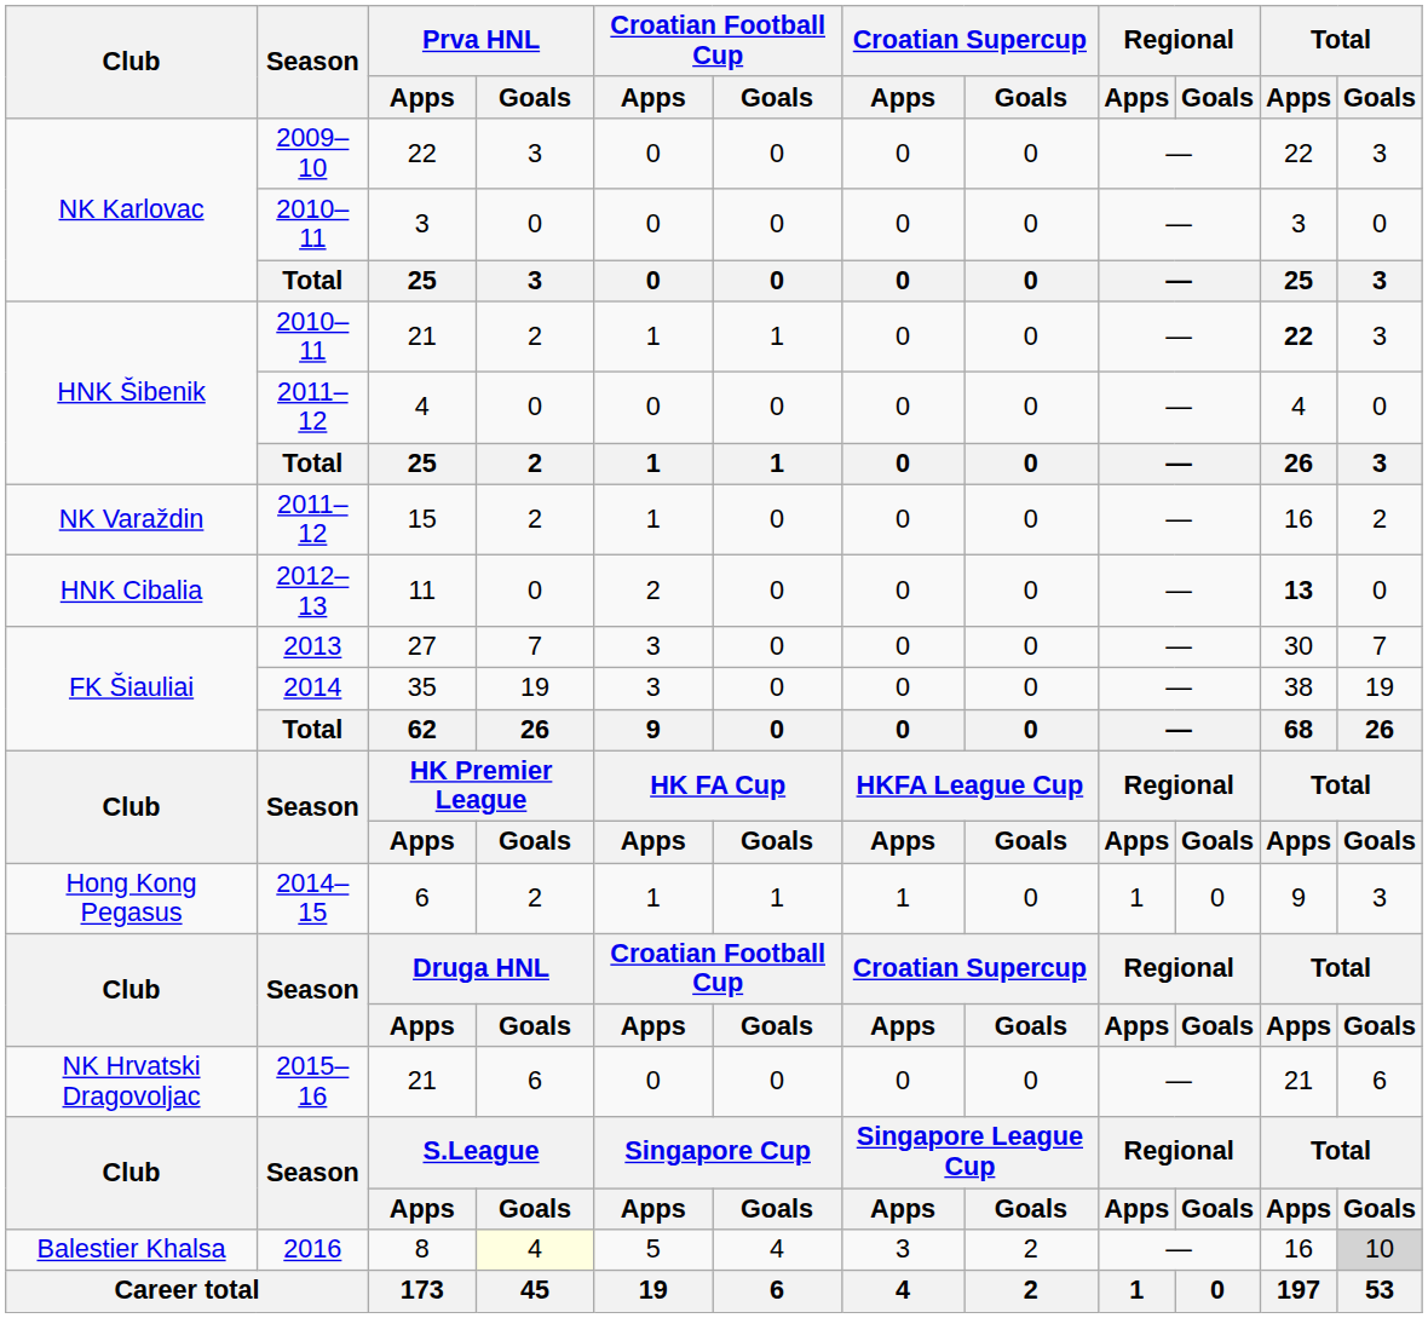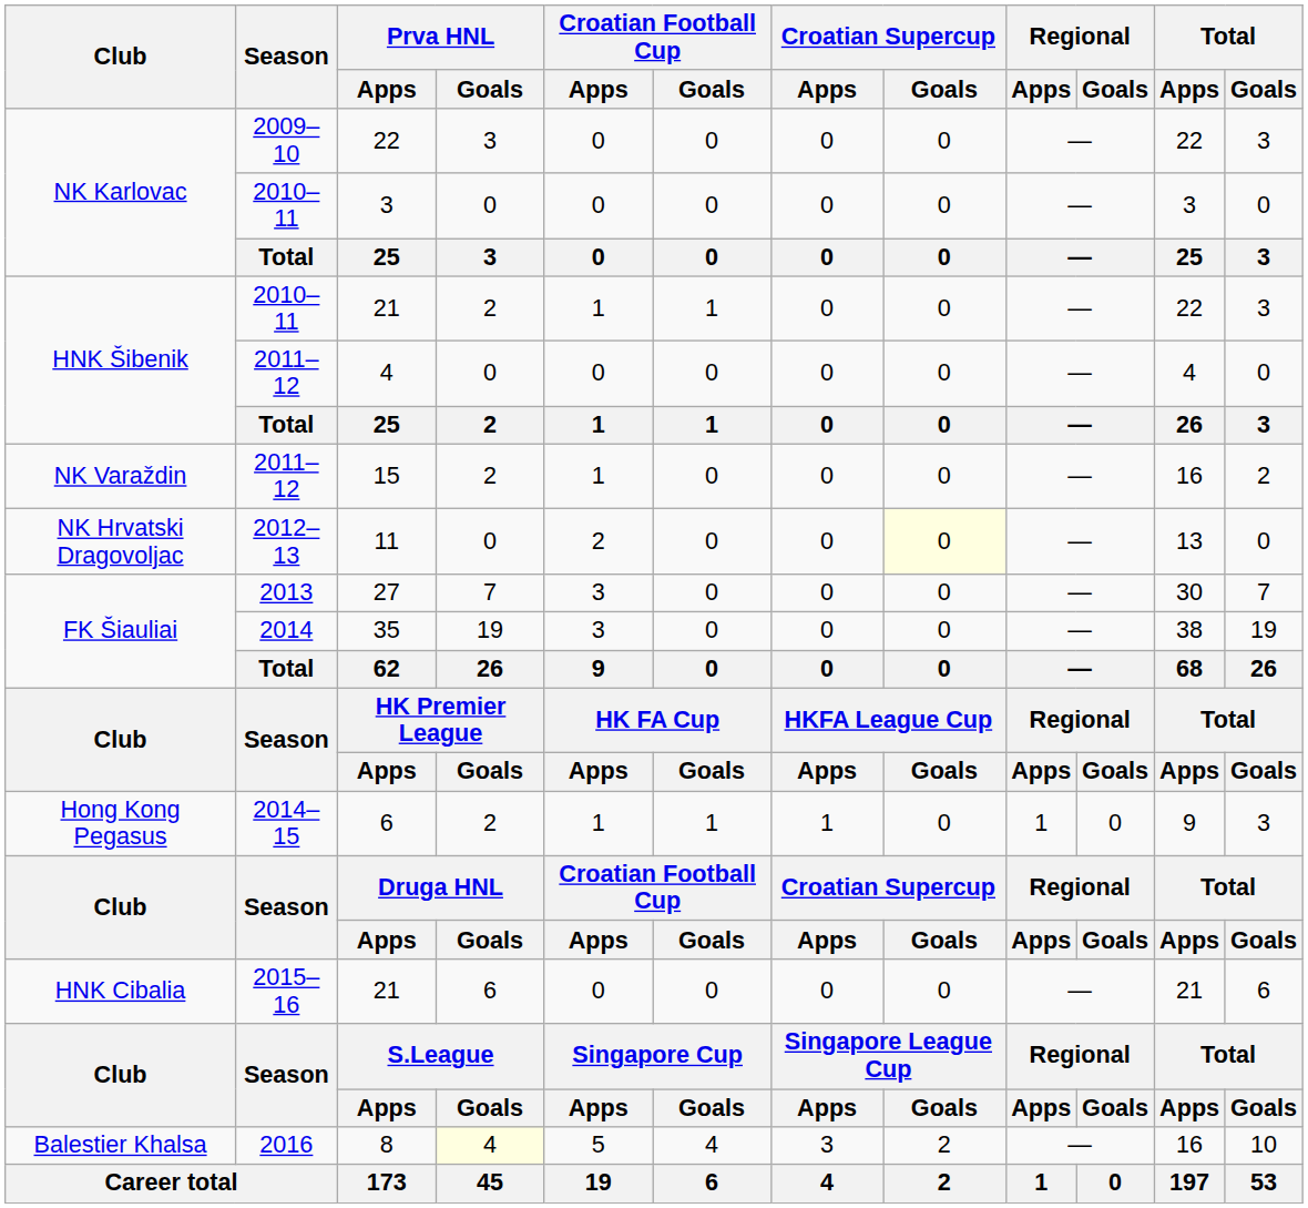 <table style="text-align:center" class="wikitable">
 <tr>
 <th rowspan="2">Club</th>
 <th rowspan="2">Season</th>
 <th colspan="2"><a href='#'>Prva HNL</a></th>
 <th colspan="2"><a href='#'>Croatian Football Cup</a></th>
 <th colspan="2"><a href='#'>Croatian Supercup</a></th>
 <th colspan="2">Regional</th>
 <th colspan="2">Total</th>
 </tr>
 <tr>
 <th>Apps</th>
 <th>Goals</th>
 <th>Apps</th>
 <th>Goals</th>
 <th>Apps</th>
 <th>Goals</th>
 <th>Apps</th>
 <th>Goals</th>
 <th>Apps</th>
 <th>Goals</th>
 </tr>
 <tr>
 <td rowspan="3"><a href='#'>NK Karlovac</a></td>
 <td><a href='#'>2009–10</a></td>
 <td>22</td>
 <td>3</td>
 <td>0</td>
 <td>0</td>
 <td>0</td>
 <td>0</td>
 <td colspan="2">—</td>
 <td>22</td>
 <td>3</td>
 </tr>
 <tr>
 <td><a href='#'>2010–11</a></td>
 <td>3</td>
 <td>0</td>
 <td>0</td>
 <td>0</td>
 <td>0</td>
 <td>0</td>
 <td colspan="2">—</td>
 <td>3</td>
 <td>0</td>
 </tr>
 <tr>
 <th>Total</th>
 <th>25</th>
 <th>3</th>
 <th>0</th>
 <th>0</th>
 <th>0</th>
 <th>0</th>
 <th colspan="2">—</th>
 <th>25</th>
 <th>3</th>
 </tr>
 <tr>
 <td rowspan="3"><a href='#'>HNK Šibenik</a></td>
 <td><a href='#'>2010–11</a></td>
 <td>21</td>
 <td>2</td>
 <td>1</td>
 <td>1</td>
 <td>0</td>
 <td>0</td>
 <td colspan="2">—</td>
-<td><strong>22</strong></td>
+<td>22</td>
 <td>3</td>
 </tr>
 <tr>
 <td><a href='#'>2011–12</a></td>
 <td>4</td>
 <td>0</td>
 <td>0</td>
 <td>0</td>
 <td>0</td>
 <td>0</td>
 <td colspan="2">—</td>
 <td>4</td>
 <td>0</td>
 </tr>
 <tr>
 <th>Total</th>
 <th>25</th>
 <th>2</th>
 <th>1</th>
 <th>1</th>
 <th>0</th>
 <th>0</th>
 <th colspan="2">—</th>
 <th>26</th>
 <th>3</th>
 </tr>
 <tr>
 <td><a href='#'>NK Varaždin</a></td>
 <td><a href='#'>2011–12</a></td>
 <td>15</td>
 <td>2</td>
 <td>1</td>
 <td>0</td>
 <td>0</td>
 <td>0</td>
 <td colspan="2">—</td>
 <td>16</td>
 <td>2</td>
 </tr>
 <tr>
-<td><a href='#'>HNK Cibalia</a></td>
+<td><a href='#'>NK Hrvatski Dragovoljac</a></td>
 <td><a href='#'>2012–13</a></td>
 <td>11</td>
 <td>0</td>
 <td>2</td>
 <td>0</td>
 <td>0</td>
-<td>0</td>
+<td style="background: lightyellow;">0</td>
 <td colspan="2">—</td>
-<td><strong>13</strong></td>
+<td>13</td>
 <td>0</td>
 </tr>
 <tr>
 <td rowspan="3"><a href='#'>FK Šiauliai</a></td>
 <td><a href='#'>2013</a></td>
 <td>27</td>
 <td>7</td>
 <td>3</td>
 <td>0</td>
 <td>0</td>
 <td>0</td>
 <td colspan="2">—</td>
 <td>30</td>
 <td>7</td>
 </tr>
 <tr>
 <td><a href='#'>2014</a></td>
 <td>35</td>
 <td>19</td>
 <td>3</td>
 <td>0</td>
 <td>0</td>
 <td>0</td>
 <td colspan="2">—</td>
 <td>38</td>
 <td>19</td>
 </tr>
 <tr>
 <th>Total</th>
 <th>62</th>
 <th>26</th>
 <th>9</th>
 <th>0</th>
 <th>0</th>
 <th>0</th>
 <th colspan="2">—</th>
 <th>68</th>
 <th>26</th>
 </tr>
 <tr>
 <th rowspan="2">Club</th>
 <th rowspan="2">Season</th>
 <th colspan="2"><a href='#'>HK Premier League</a></th>
 <th colspan="2"><a href='#'>HK FA Cup</a></th>
 <th colspan="2"><a href='#'>HKFA League Cup</a></th>
 <th colspan="2">Regional</th>
 <th colspan="2">Total</th>
 </tr>
 <tr>
 <th>Apps</th>
 <th>Goals</th>
 <th>Apps</th>
 <th>Goals</th>
 <th>Apps</th>
 <th>Goals</th>
 <th>Apps</th>
 <th>Goals</th>
 <th>Apps</th>
 <th>Goals</th>
 </tr>
 <tr>
 <td><a href='#'>Hong Kong Pegasus</a></td>
 <td><a href='#'>2014–15</a></td>
 <td>6</td>
 <td>2</td>
 <td>1</td>
 <td>1</td>
 <td>1</td>
 <td>0</td>
 <td>1</td>
 <td>0</td>
 <td>9</td>
 <td>3</td>
 </tr>
 <tr>
 <th rowspan="2">Club</th>
 <th rowspan="2">Season</th>
 <th colspan="2"><a href='#'>Druga HNL</a></th>
 <th colspan="2"><a href='#'>Croatian Football Cup</a></th>
 <th colspan="2"><a href='#'>Croatian Supercup</a></th>
 <th colspan="2">Regional</th>
 <th colspan="2">Total</th>
 </tr>
 <tr>
 <th>Apps</th>
 <th>Goals</th>
 <th>Apps</th>
 <th>Goals</th>
 <th>Apps</th>
 <th>Goals</th>
 <th>Apps</th>
 <th>Goals</th>
 <th>Apps</th>
 <th>Goals</th>
 </tr>
 <tr>
-<td><a href='#'>NK Hrvatski Dragovoljac</a></td>
+<td><a href='#'>HNK Cibalia</a></td>
 <td><a href='#'>2015–16</a></td>
 <td>21</td>
 <td>6</td>
 <td>0</td>
 <td>0</td>
 <td>0</td>
 <td>0</td>
 <td colspan="2">—</td>
 <td>21</td>
 <td>6</td>
 </tr>
 <tr>
 <th rowspan="2">Club</th>
 <th rowspan="2">Season</th>
 <th colspan="2"><a href='#'>S.League</a></th>
 <th colspan="2"><a href='#'>Singapore Cup</a></th>
 <th colspan="2"><a href='#'>Singapore League Cup</a></th>
 <th colspan="2">Regional</th>
 <th colspan="2">Total</th>
 </tr>
 <tr>
 <th>Apps</th>
 <th>Goals</th>
 <th>Apps</th>
 <th>Goals</th>
 <th>Apps</th>
 <th>Goals</th>
 <th>Apps</th>
 <th>Goals</th>
 <th>Apps</th>
 <th>Goals</th>
 </tr>
 <tr>
 <td><a href='#'>Balestier Khalsa</a></td>
 <td><a href='#'>2016</a></td>
 <td>8</td>
 <td style="background: lightyellow;">4</td>
 <td>5</td>
 <td>4</td>
 <td>3</td>
 <td>2</td>
 <td colspan="2">—</td>
 <td>16</td>
-<td style="background: lightgrey;">10</td>
+<td>10</td>
 </tr>
 <tr>
 <th colspan="2">Career total</th>
 <th>173</th>
 <th>45</th>
 <th>19</th>
 <th>6</th>
 <th>4</th>
 <th>2</th>
 <th>1</th>
 <th>0</th>
 <th>197</th>
 <th>53</th>
 </tr>
 </table>
